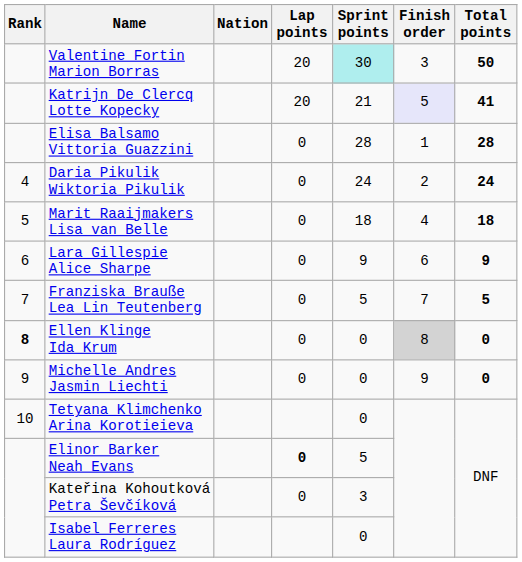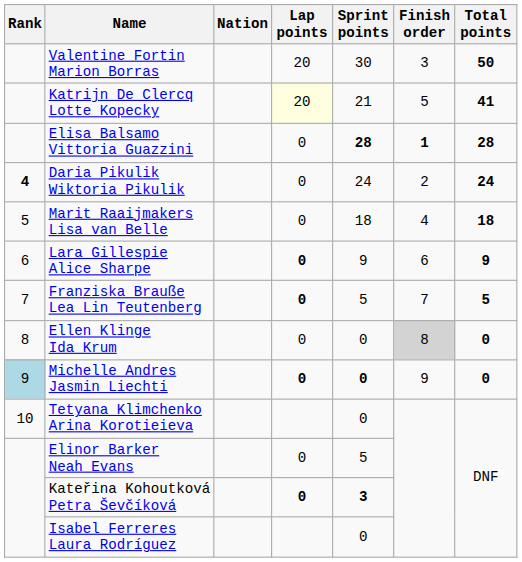 <table class="wikitable sortable" style="text-align:center">
 <tr>
 <th>Rank</th>
 <th>Name</th>
 <th>Nation</th>
 <th width=50>Lap points</th>
 <th width=50>Sprint points</th>
 <th width=50>Finish order</th>
 <th width=50>Total points</th>
 </tr>
 <tr>
 <td></td>
 <td align=left><a href='#'>Valentine Fortin</a><br><a href='#'>Marion Borras</a></td>
 <td align=left></td>
 <td>20</td>
-<td style="background: paleturquoise;">30</td>
+<td>30</td>
 <td>3</td>
 <td><strong>50</strong></td>
 </tr>
 <tr>
 <td></td>
 <td align=left><a href='#'>Katrijn De Clercq</a><br><a href='#'>Lotte Kopecky</a></td>
 <td align=left></td>
-<td>20</td>
+<td style="background: lightyellow;">20</td>
 <td>21</td>
-<td style="background: lavender;">5</td>
+<td>5</td>
 <td><strong>41</strong></td>
 </tr>
 <tr>
 <td></td>
 <td align=left><a href='#'>Elisa Balsamo</a><br><a href='#'>Vittoria Guazzini</a></td>
 <td align=left></td>
 <td>0</td>
-<td>28</td>
-<td>1</td>
+<td><strong>28</strong></td>
+<td><strong>1</strong></td>
 <td><strong>28</strong></td>
 </tr>
 <tr>
-<td>4</td>
+<td><strong>4</strong></td>
 <td align=left><a href='#'>Daria Pikulik</a><br><a href='#'>Wiktoria Pikulik</a></td>
 <td align=left></td>
 <td>0</td>
 <td>24</td>
 <td>2</td>
 <td><strong>24</strong></td>
 </tr>
 <tr>
 <td>5</td>
 <td align=left><a href='#'>Marit Raaijmakers</a><br><a href='#'>Lisa van Belle</a></td>
 <td align=left></td>
 <td>0</td>
 <td>18</td>
 <td>4</td>
 <td><strong>18</strong></td>
 </tr>
 <tr>
 <td>6</td>
 <td align=left><a href='#'>Lara Gillespie</a><br><a href='#'>Alice Sharpe</a></td>
 <td align=left></td>
-<td>0</td>
+<td><strong>0</strong></td>
 <td>9</td>
 <td>6</td>
 <td><strong>9</strong></td>
 </tr>
 <tr>
 <td>7</td>
 <td align=left><a href='#'>Franziska Brauße</a><br><a href='#'>Lea Lin Teutenberg</a></td>
 <td align=left></td>
-<td>0</td>
+<td><strong>0</strong></td>
 <td>5</td>
 <td>7</td>
 <td><strong>5</strong></td>
 </tr>
 <tr>
-<td><strong>8</strong></td>
+<td>8</td>
 <td align=left><a href='#'>Ellen Klinge</a><br><a href='#'>Ida Krum</a></td>
 <td align=left></td>
 <td>0</td>
 <td>0</td>
 <td style="background: lightgrey;">8</td>
 <td><strong>0</strong></td>
 </tr>
 <tr>
-<td>9</td>
+<td style="background: lightblue;">9</td>
 <td align=left><a href='#'>Michelle Andres</a><br><a href='#'>Jasmin Liechti</a></td>
 <td align=left></td>
-<td>0</td>
-<td>0</td>
+<td><strong>0</strong></td>
+<td><strong>0</strong></td>
 <td>9</td>
 <td><strong>0</strong></td>
 </tr>
 <tr>
 <td>10</td>
 <td align=left><a href='#'>Tetyana Klimchenko</a><br><a href='#'>Arina Korotieieva</a></td>
 <td align=left></td>
 <td></td>
 <td>0</td>
 <td rowspan=4></td>
 <td rowspan=4>DNF</td>
 </tr>
 <tr>
 <td rowspan=3></td>
 <td align=left><a href='#'>Elinor Barker</a><br><a href='#'>Neah Evans</a></td>
 <td align=left></td>
-<td><strong>0</strong></td>
+<td>0</td>
 <td>5</td>
 </tr>
 <tr>
 <td align=left>Kateřina Kohoutková<br><a href='#'>Petra Ševčíková</a></td>
 <td align=left></td>
-<td>0</td>
-<td>3</td>
+<td><strong>0</strong></td>
+<td><strong>3</strong></td>
 </tr>
 <tr>
 <td align=left><a href='#'>Isabel Ferreres</a><br><a href='#'>Laura Rodríguez</a></td>
 <td align=left></td>
 <td></td>
 <td>0</td>
 </tr>
 </table>
